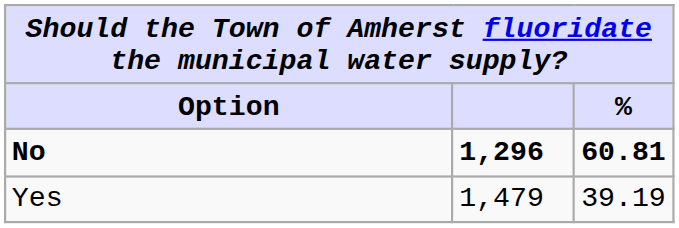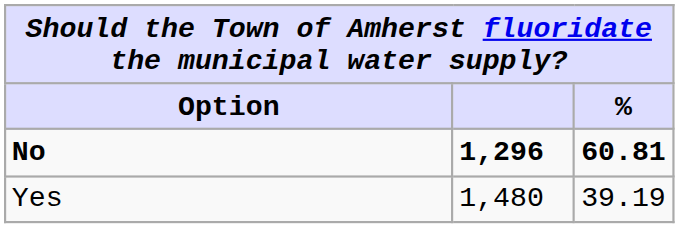 <table class="wikitable">
 <tr>
 <th colspan="3" style="background:#ddf;"><em>Should the Town of Amherst <a href='#'>fluoridate</a> the municipal water supply?</em></th>
 </tr>
 <tr>
 <th style="background:#ddf; width:200px;">Option</th>
 <th style="background:#ddf; width:50px;"></th>
 <th style="background:#ddf; width:30px;">%</th>
 </tr>
 <tr>
 <td><strong>No</strong></td>
 <td><strong>1,296</strong></td>
 <td><strong>60.81</strong></td>
 </tr>
 <tr>
 <td>Yes</td>
-<td>1,479</td>
+<td>1,480</td>
 <td>39.19</td>
 </tr>
 </table>
